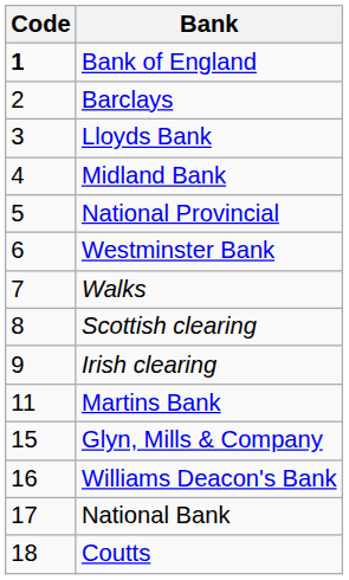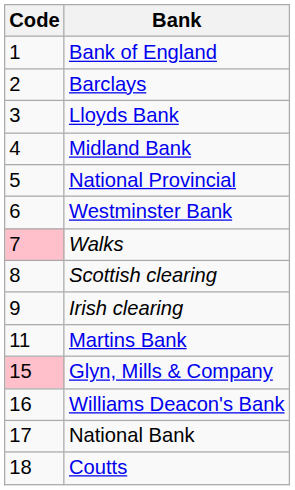 <table class="wikitable" style="text-align:left">
 <tr>
 <th>Code</th>
 <th>Bank</th>
 </tr>
 <tr>
-<td><strong>1</strong></td>
+<td>1</td>
 <td><a href='#'>Bank of England</a></td>
 </tr>
 <tr>
 <td>2</td>
 <td><a href='#'>Barclays</a></td>
 </tr>
 <tr>
 <td>3</td>
 <td><a href='#'>Lloyds Bank</a></td>
 </tr>
 <tr>
 <td>4</td>
 <td><a href='#'>Midland Bank</a></td>
 </tr>
 <tr>
 <td>5</td>
 <td><a href='#'>National Provincial</a></td>
 </tr>
 <tr>
 <td>6</td>
 <td><a href='#'>Westminster Bank</a></td>
 </tr>
 <tr>
-<td>7</td>
+<td style="background: pink;">7</td>
 <td><em>Walks</em></td>
 </tr>
 <tr>
 <td>8</td>
 <td><em>Scottish clearing</em></td>
 </tr>
 <tr>
 <td>9</td>
 <td><em>Irish clearing</em></td>
 </tr>
 <tr>
 <td>11</td>
 <td><a href='#'>Martins Bank</a></td>
 </tr>
 <tr>
-<td>15</td>
+<td style="background: pink;">15</td>
 <td><a href='#'>Glyn, Mills & Company</a></td>
 </tr>
 <tr>
 <td>16</td>
 <td><a href='#'>Williams Deacon's Bank</a></td>
 </tr>
 <tr>
 <td>17</td>
 <td>National Bank</td>
 </tr>
 <tr>
 <td>18</td>
 <td><a href='#'>Coutts</a></td>
 </tr>
 </table>
